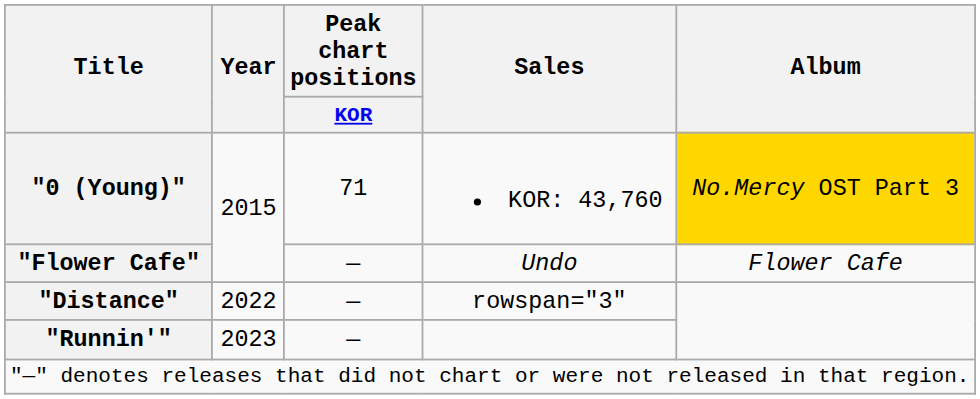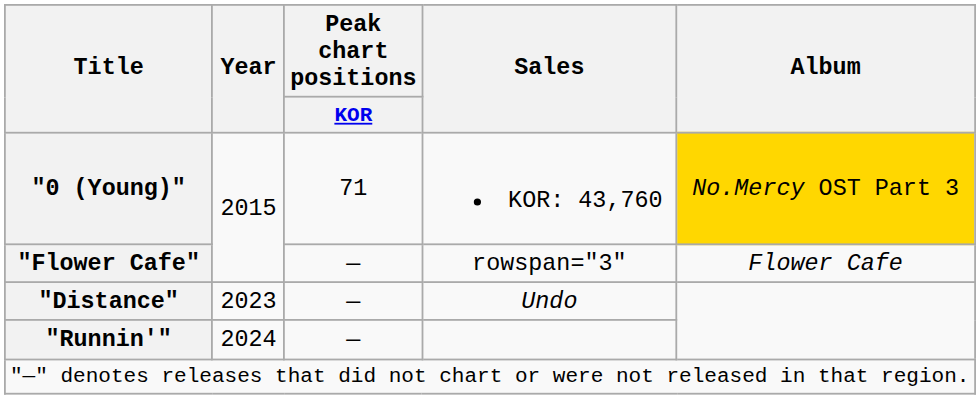 <table class="wikitable plainrowheaders" style="text-align:center;">
 <tr>
 <th scope="col" rowspan="2">Title</th>
 <th scope="col" rowspan="2">Year</th>
 <th scope="col" colspan="1">Peak chart positions</th>
 <th scope="col" rowspan="2">Sales</th>
 <th scope="col" rowspan="2">Album</th>
 </tr>
 <tr>
 <th style="width:3em;font-size:90%"><a href='#'>KOR</a><br></th>
 </tr>
 <tr>
 <th scope="row">"0 (Young)" <br></th>
 <td rowspan="2">2015</td>
 <td>71</td>
 <td><br><ul><li>KOR: 43,760</li></ul></td>
 <td style="background: gold;"><em>No.Mercy</em> OST Part 3</td>
 </tr>
 <tr>
 <th scope="row">"Flower Cafe" <br></th>
 <td>—</td>
-<td><em>Undo</em></td>
+<td>rowspan="3" </td>
 <td><em>Flower Cafe</em></td>
 </tr>
 <tr>
 <th scope="row">"Distance" <br></th>
-<td>2022</td>
+<td>2023</td>
 <td>—</td>
-<td>rowspan="3" </td>
+<td><em>Undo</em></td>
 </tr>
 <tr>
 <th scope="row">"Runnin'" <br></th>
-<td>2023</td>
+<td>2024</td>
 <td>—</td>
 <td></td>
 </tr>
 <tr>
 <td colspan="5" style="font-size:90%">"—" denotes releases that did not chart or were not released in that region.</td>
 </tr>
 </table>
